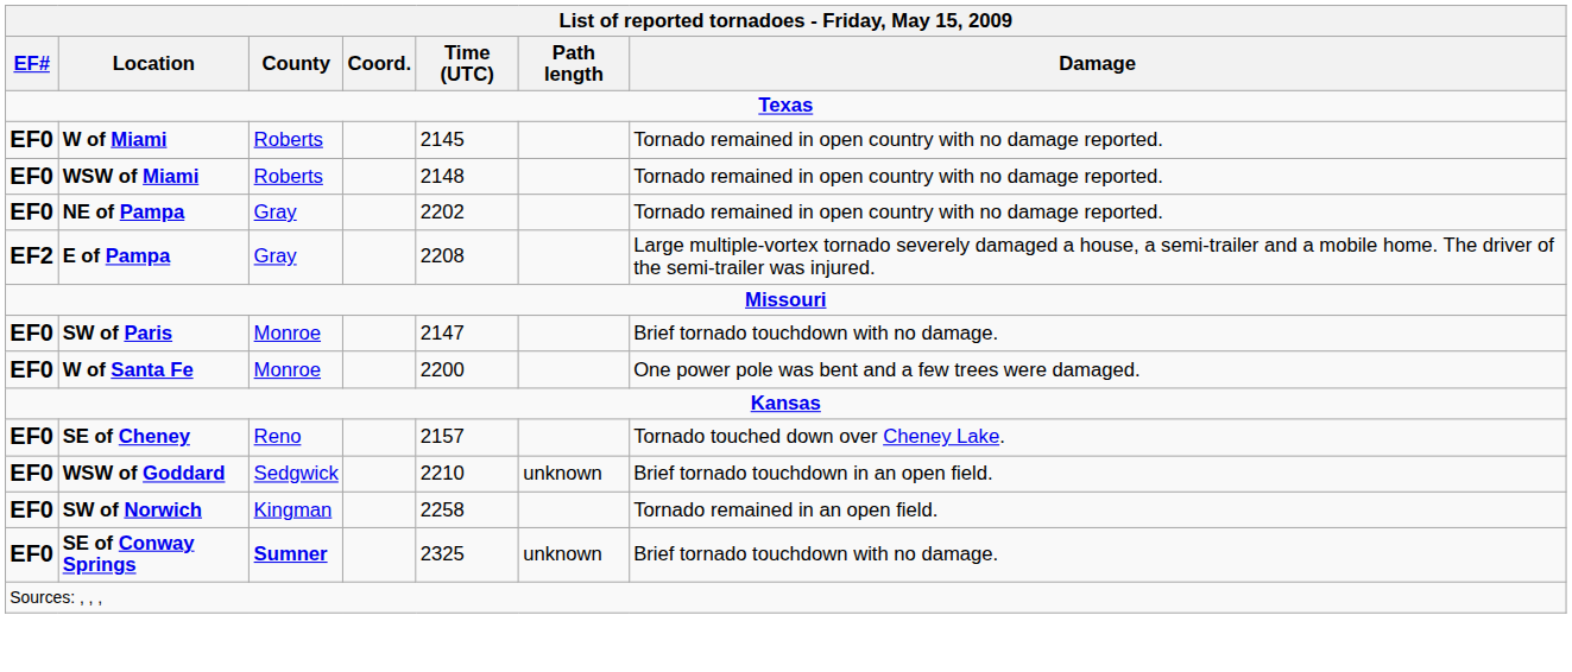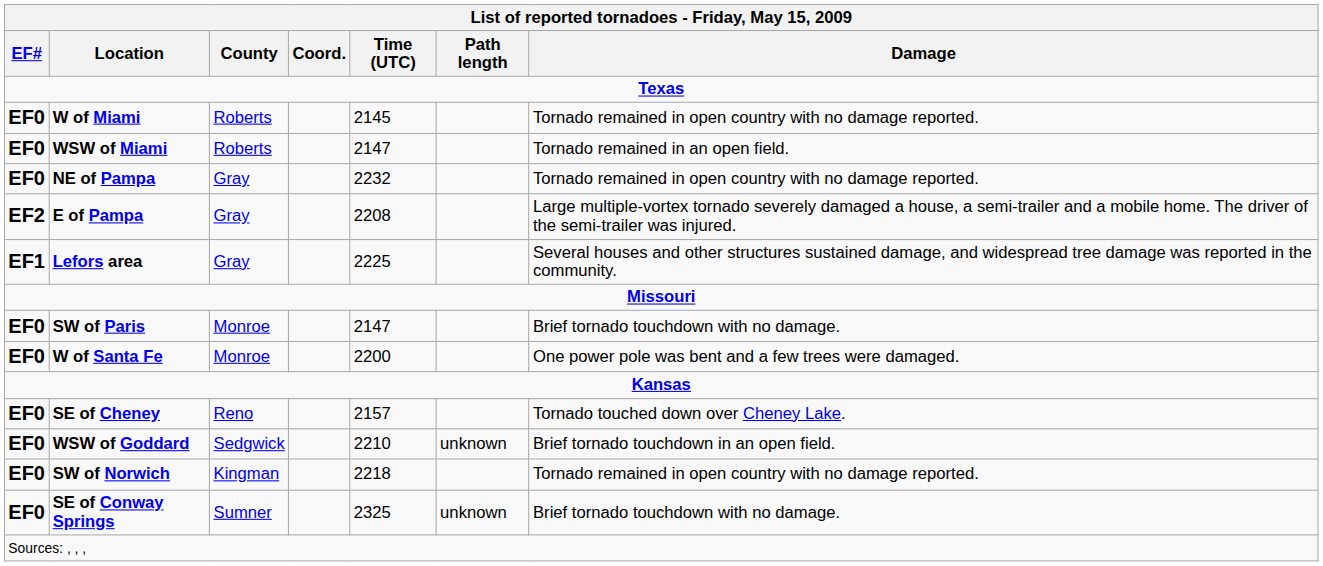 <table class="wikitable collapsible" width="100%">
 <tr>
 <th colspan="7">List of reported tornadoes - Friday, May 15, 2009</th>
 </tr>
 <tr>
 <th><a href='#'>EF#</a></th>
 <th>Location</th>
 <th>County</th>
 <th>Coord.</th>
 <th>Time (UTC)</th>
 <th>Path length</th>
 <th>Damage</th>
 </tr>
 <tr>
 <td colspan="7" align=center><strong><a href='#'>Texas</a></strong></td>
 </tr>
 <tr>
 <td><big><strong>EF0</strong></big></td>
 <td><strong>W of <a href='#'>Miami</a></strong></td>
 <td><a href='#'>Roberts</a></td>
 <td></td>
 <td>2145</td>
 <td></td>
 <td>Tornado remained in open country with no damage reported.</td>
 </tr>
 <tr>
 <td><big><strong>EF0</strong></big></td>
 <td><strong>WSW of <a href='#'>Miami</a></strong></td>
 <td><a href='#'>Roberts</a></td>
 <td></td>
-<td>2148</td>
+<td>2147</td>
 <td></td>
-<td>Tornado remained in open country with no damage reported.</td>
+<td>Tornado remained in an open field.</td>
 </tr>
 <tr>
 <td><big><strong>EF0</strong></big></td>
 <td><strong>NE of <a href='#'>Pampa</a></strong></td>
 <td><a href='#'>Gray</a></td>
 <td></td>
-<td>2202</td>
+<td>2232</td>
 <td></td>
 <td>Tornado remained in open country with no damage reported.</td>
 </tr>
 <tr>
 <td><big><strong>EF2</strong></big></td>
 <td><strong>E of <a href='#'>Pampa</a></strong></td>
 <td><a href='#'>Gray</a></td>
 <td></td>
 <td>2208</td>
 <td></td>
 <td>Large multiple-vortex tornado severely damaged a house, a semi-trailer and a mobile home. The driver of the semi-trailer was injured.</td>
+</tr>
+<tr>
+<td><big><strong>EF1</strong></big></td>
+<td><strong><a href='#'>Lefors</a> area</strong></td>
+<td><a href='#'>Gray</a></td>
+<td></td>
+<td>2225</td>
+<td></td>
+<td>Several houses and other structures sustained damage, and widespread tree damage was reported in the community.</td>
 </tr>
 <tr>
 <td colspan="7" align=center><strong><a href='#'>Missouri</a></strong></td>
 </tr>
 <tr>
 <td><big><strong>EF0</strong></big></td>
 <td><strong>SW of <a href='#'>Paris</a></strong></td>
 <td><a href='#'>Monroe</a></td>
 <td></td>
 <td>2147</td>
 <td></td>
 <td>Brief tornado touchdown with no damage.</td>
 </tr>
 <tr>
 <td><big><strong>EF0</strong></big></td>
 <td><strong>W of <a href='#'>Santa Fe</a></strong></td>
 <td><a href='#'>Monroe</a></td>
 <td></td>
 <td>2200</td>
 <td></td>
 <td>One power pole was bent and a few trees were damaged.</td>
 </tr>
 <tr>
 <td colspan="7" align=center><strong><a href='#'>Kansas</a></strong></td>
 </tr>
 <tr>
 <td><big><strong>EF0</strong></big></td>
 <td><strong>SE of <a href='#'>Cheney</a></strong></td>
 <td><a href='#'>Reno</a></td>
 <td></td>
 <td>2157</td>
 <td></td>
 <td>Tornado touched down over <a href='#'>Cheney Lake</a>.</td>
 </tr>
 <tr>
 <td><big><strong>EF0</strong></big></td>
 <td><strong>WSW of <a href='#'>Goddard</a></strong></td>
 <td><a href='#'>Sedgwick</a></td>
 <td></td>
 <td>2210</td>
 <td>unknown</td>
 <td>Brief tornado touchdown in an open field.</td>
 </tr>
 <tr>
 <td><big><strong>EF0</strong></big></td>
 <td><strong>SW of <a href='#'>Norwich</a></strong></td>
 <td><a href='#'>Kingman</a></td>
 <td></td>
-<td>2258</td>
+<td>2218</td>
 <td></td>
-<td>Tornado remained in an open field.</td>
+<td>Tornado remained in open country with no damage reported.</td>
 </tr>
 <tr>
 <td><big><strong>EF0</strong></big></td>
 <td><strong>SE of <a href='#'>Conway Springs</a></strong></td>
-<td><strong><a href='#'>Sumner</a></strong></td>
+<td><a href='#'>Sumner</a></td>
 <td></td>
 <td>2325</td>
 <td>unknown</td>
 <td>Brief tornado touchdown with no damage.</td>
 </tr>
 <tr>
 <td colspan="7"><small>Sources:  , , , </small></td>
 </tr>
 </table>
